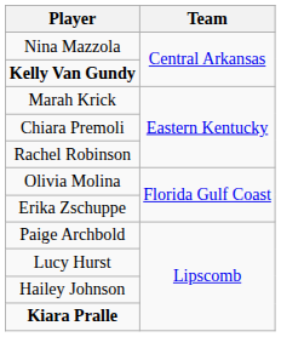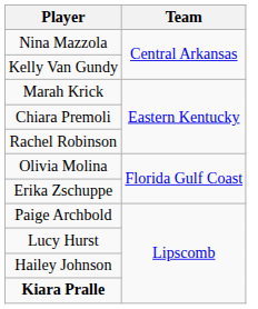 <table class="wikitable" style="text-align: center;">
 <tr>
 <th>Player</th>
 <th>Team</th>
 </tr>
 <tr>
 <td>Nina Mazzola</td>
 <td rowspan=2><a href='#'>Central Arkansas</a></td>
 </tr>
 <tr>
-<td><strong>Kelly Van Gundy</strong></td>
+<td>Kelly Van Gundy</td>
 </tr>
 <tr>
 <td>Marah Krick</td>
 <td rowspan=3><a href='#'>Eastern Kentucky</a></td>
 </tr>
 <tr>
 <td>Chiara Premoli</td>
 </tr>
 <tr>
 <td>Rachel Robinson</td>
 </tr>
 <tr>
 <td>Olivia Molina</td>
 <td rowspan=2><a href='#'>Florida Gulf Coast</a></td>
 </tr>
 <tr>
 <td>Erika Zschuppe</td>
 </tr>
 <tr>
 <td>Paige Archbold</td>
 <td rowspan=4><a href='#'>Lipscomb</a></td>
 </tr>
 <tr>
 <td>Lucy Hurst</td>
 </tr>
 <tr>
 <td>Hailey Johnson</td>
 </tr>
 <tr>
 <td><strong>Kiara Pralle</strong></td>
 </tr>
 </table>
